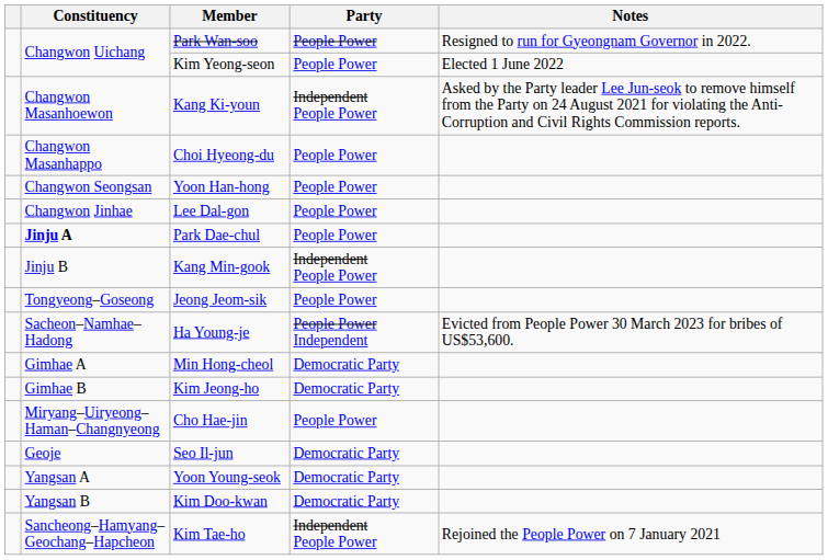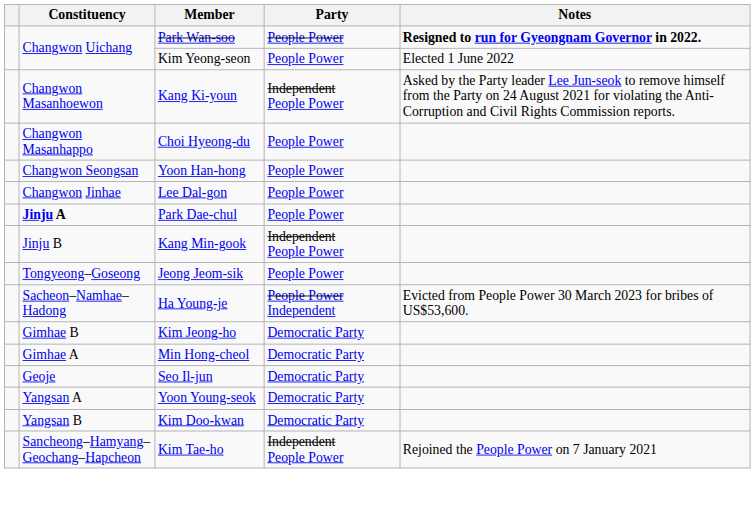 <table class="wikitable sortable">
 <tr>
 <th scope="col" style="width:10px;" class="unsortable"></th>
 <th scope="col" style="width:150px;">Constituency</th>
 <th scope="col" style="width:120px;">Member</th>
 <th scope="col" style="width:150px;">Party</th>
 <th scope="col" style="width:400px;" class="unsortable">Notes</th>
 </tr>
 <tr>
 <td rowspan="2" scope="row" style="background-color:"></td>
 <td rowspan="2"><a href='#'>Changwon</a> <a href='#'>Uichang</a></td>
 <td><s><a href='#'>Park Wan-soo</a></s></td>
 <td><s><a href='#'>People Power</a></s></td>
-<td>Resigned to <a href='#'>run for Gyeongnam Governor</a> in 2022.</td>
+<td><strong>Resigned to <a href='#'>run for Gyeongnam Governor</a> in 2022.</strong></td>
 </tr>
 <tr>
 <td>Kim Yeong-seon</td>
 <td><a href='#'>People Power</a></td>
 <td>Elected 1 June 2022</td>
 </tr>
 <tr>
 <td scope="row" style="background-color:"></td>
 <td><a href='#'>Changwon</a> <a href='#'>Masanhoewon</a></td>
 <td><a href='#'>Kang Ki-youn</a></td>
 <td><s>Independent</s><br><a href='#'>People Power</a></td>
 <td>Asked by the Party leader <a href='#'>Lee Jun-seok</a> to remove himself from the Party on 24 August 2021 for violating the Anti-Corruption and Civil Rights Commission reports.</td>
 </tr>
 <tr>
 <td scope="row" style="background-color:"></td>
 <td><a href='#'>Changwon</a> <a href='#'>Masanhappo</a></td>
 <td><a href='#'>Choi Hyeong-du</a></td>
 <td><a href='#'>People Power</a></td>
 <td></td>
 </tr>
 <tr>
 <td scope="row" style="background-color:"></td>
 <td><a href='#'>Changwon Seongsan</a></td>
 <td><a href='#'>Yoon Han-hong</a></td>
 <td><a href='#'>People Power</a></td>
 <td></td>
 </tr>
 <tr>
 <td scope="row" style="background-color:"></td>
 <td><a href='#'>Changwon</a> <a href='#'>Jinhae</a></td>
 <td><a href='#'>Lee Dal-gon</a></td>
 <td><a href='#'>People Power</a></td>
 <td></td>
 </tr>
 <tr>
 <td scope="row" style="background-color:"></td>
 <td><strong><a href='#'>Jinju</a> A</strong></td>
 <td><a href='#'>Park Dae-chul</a></td>
 <td><a href='#'>People Power</a></td>
 <td></td>
 </tr>
 <tr>
 <td scope="row" style="background-color:"></td>
 <td><a href='#'>Jinju</a> B</td>
 <td><a href='#'>Kang Min-gook</a></td>
 <td><s>Independent</s><br><a href='#'>People Power</a></td>
 <td></td>
 </tr>
 <tr>
 <td scope="row" style="background-color:"></td>
 <td><a href='#'>Tongyeong</a>–<a href='#'>Goseong</a></td>
 <td><a href='#'>Jeong Jeom-sik</a></td>
 <td><a href='#'>People Power</a></td>
 <td></td>
 </tr>
 <tr>
 <td scope="row" style="background-color:"></td>
 <td><a href='#'>Sacheon</a>–<a href='#'>Namhae</a>–<a href='#'>Hadong</a></td>
 <td><a href='#'>Ha Young-je</a></td>
 <td><s><a href='#'>People Power</a></s><br><a href='#'>Independent</a><br></td>
 <td>Evicted from People Power 30 March 2023 for bribes of US$53,600.</td>
 </tr>
 <tr>
 <td scope="row" style="background-color:"></td>
-<td><a href='#'>Gimhae</a> A</td>
-<td><a href='#'>Min Hong-cheol</a></td>
-<td><a href='#'>Democratic Party</a></td>
-<td></td>
-</tr>
-<tr>
-<td scope="row" style="background-color:"></td>
 <td><a href='#'>Gimhae</a> B</td>
 <td><a href='#'>Kim Jeong-ho</a></td>
 <td><a href='#'>Democratic Party</a></td>
 <td></td>
 </tr>
 <tr>
 <td scope="row" style="background-color:"></td>
-<td><a href='#'>Miryang</a>–<a href='#'>Uiryeong</a>–<a href='#'>Haman</a>–<a href='#'>Changnyeong</a></td>
-<td><a href='#'>Cho Hae-jin</a></td>
-<td><a href='#'>People Power</a></td>
+<td><a href='#'>Gimhae</a> A</td>
+<td><a href='#'>Min Hong-cheol</a></td>
+<td><a href='#'>Democratic Party</a></td>
 <td></td>
 </tr>
 <tr>
 <td scope="row" style="background-color:"></td>
 <td><a href='#'>Geoje</a></td>
 <td><a href='#'>Seo Il-jun</a></td>
 <td><a href='#'>Democratic Party</a></td>
 <td></td>
 </tr>
 <tr>
 <td scope="row" style="background-color:"></td>
 <td><a href='#'>Yangsan</a> A</td>
 <td><a href='#'>Yoon Young-seok</a></td>
 <td><a href='#'>Democratic Party</a></td>
 <td></td>
 </tr>
 <tr>
 <td scope="row" style="background-color:"></td>
 <td><a href='#'>Yangsan</a> B</td>
 <td><a href='#'>Kim Doo-kwan</a></td>
 <td><a href='#'>Democratic Party</a></td>
 <td></td>
 </tr>
 <tr>
 <td scope="row" style="background-color:"></td>
 <td><a href='#'>Sancheong</a>–<a href='#'>Hamyang</a>–<a href='#'>Geochang</a>–<a href='#'>Hapcheon</a></td>
 <td><a href='#'>Kim Tae-ho</a></td>
 <td><s>Independent</s><br><a href='#'>People Power</a></td>
 <td>Rejoined the <a href='#'>People Power</a> on 7 January 2021</td>
 </tr>
 </table>
